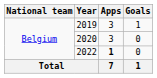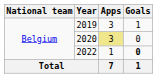 <table class="wikitable" style="text-align:center">
 <tr>
 <th>National team</th>
 <th>Year</th>
 <th>Apps</th>
 <th>Goals</th>
 </tr>
 <tr>
 <td rowspan="3"><a href='#'>Belgium</a></td>
 <td>2019</td>
 <td>3</td>
 <td>1</td>
 </tr>
 <tr>
 <td>2020</td>
-<td>3</td>
+<td style="background: khaki;">3</td>
 <td>0</td>
 </tr>
 <tr>
 <td>2022</td>
-<td><strong>1</strong></td>
-<td>0</td>
+<td>1</td>
+<td><strong>0</strong></td>
 </tr>
 <tr>
 <th colspan="2">Total</th>
 <th>7</th>
 <th>1</th>
 </tr>
 </table>
